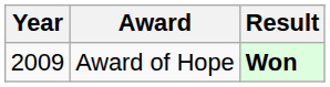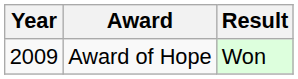 <table class="wikitable">
 <tr>
 <th>Year</th>
 <th>Award</th>
 <th>Result</th>
 </tr>
 <tr>
 <td rowspan="2">2009</td>
 <td>Award of Hope</td>
-<td style="background: #ddffdd"><strong>Won</strong></td>
+<td style="background: #ddffdd">Won</td>
 </tr>
 </table>
